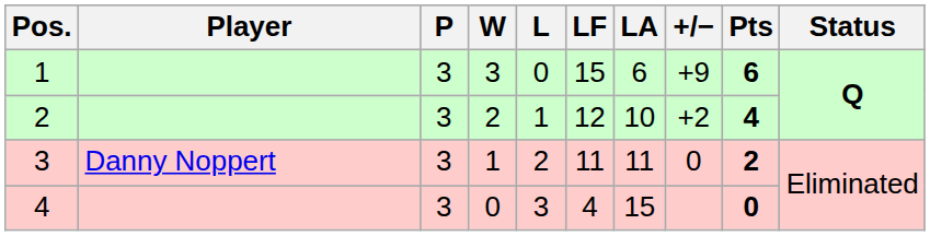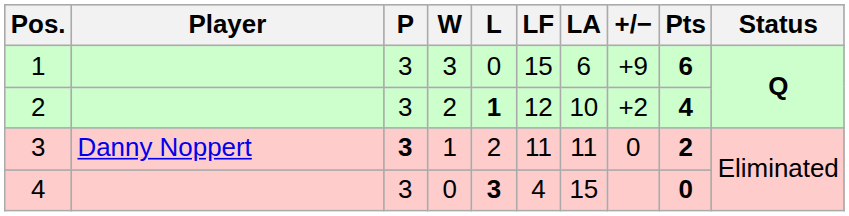 <table class="wikitable" style="text-align:center; margin: 1em auto 1em auto, align:left">
 <tr>
 <th width=20>Pos.</th>
 <th width=185>Player</th>
 <th width=20>P</th>
 <th width=20>W</th>
 <th width=20>L</th>
 <th width=20>LF</th>
 <th width=20>LA</th>
 <th width=25>+/−</th>
 <th width=20>Pts</th>
 <th width=70>Status</th>
 </tr>
 <tr style="background:#CCFFCC;">
 <td>1</td>
 <td align=left></td>
 <td>3</td>
 <td>3</td>
 <td>0</td>
 <td>15</td>
 <td>6</td>
 <td>+9</td>
 <td><strong>6</strong></td>
 <td rowspan=2><strong>Q</strong></td>
 </tr>
 <tr style="background:#CCFFCC;">
 <td>2</td>
 <td align=left></td>
 <td>3</td>
 <td>2</td>
-<td>1</td>
+<td><strong>1</strong></td>
 <td>12</td>
 <td>10</td>
 <td>+2</td>
 <td><strong>4</strong></td>
 </tr>
 <tr style="background:#FFCCCC;">
 <td>3</td>
 <td align=left> <a href='#'>Danny Noppert</a></td>
-<td>3</td>
+<td><strong>3</strong></td>
 <td>1</td>
 <td>2</td>
 <td>11</td>
 <td>11</td>
 <td>0</td>
 <td><strong>2</strong></td>
 <td rowspan=2>Eliminated</td>
 </tr>
 <tr style="background:#FFCCCC;">
 <td>4</td>
 <td align=left></td>
 <td>3</td>
 <td>0</td>
-<td>3</td>
+<td><strong>3</strong></td>
 <td>4</td>
 <td>15</td>
 <td></td>
 <td><strong>0</strong></td>
 </tr>
 </table>
